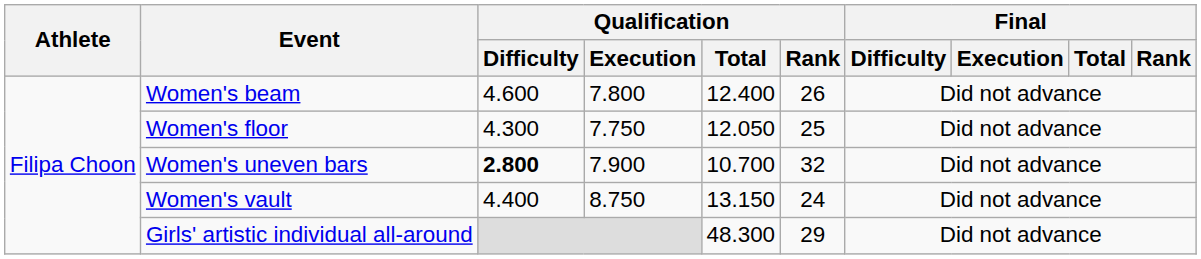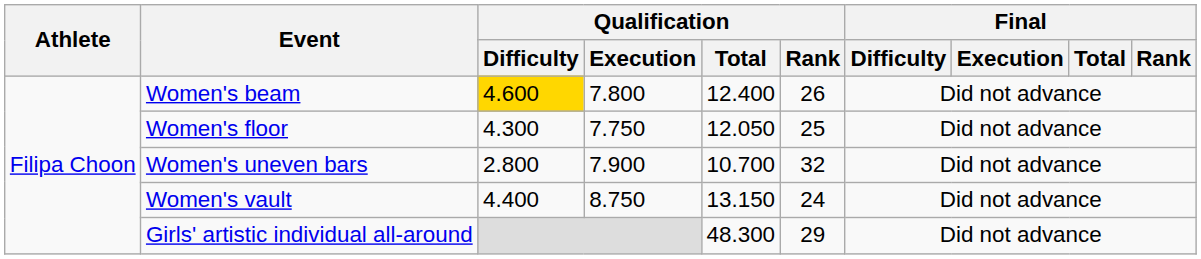 <table class="wikitable">
 <tr>
 <th rowspan=2>Athlete</th>
 <th rowspan=2>Event</th>
 <th colspan=4>Qualification</th>
 <th colspan=4>Final</th>
 </tr>
 <tr>
 <th>Difficulty</th>
 <th>Execution</th>
 <th>Total</th>
 <th>Rank</th>
 <th>Difficulty</th>
 <th>Execution</th>
 <th>Total</th>
 <th>Rank</th>
 </tr>
 <tr>
 <td rowspan=5><a href='#'>Filipa Choon</a></td>
 <td><a href='#'>Women's beam</a></td>
-<td>4.600</td>
+<td style="background: gold;">4.600</td>
 <td>7.800</td>
 <td>12.400</td>
 <td align=center>26</td>
 <td colspan=4 align=center>Did not advance</td>
 </tr>
 <tr>
 <td><a href='#'>Women's floor</a></td>
 <td>4.300</td>
 <td>7.750</td>
 <td>12.050</td>
 <td align=center>25</td>
 <td colspan=4 align=center>Did not advance</td>
 </tr>
 <tr>
 <td><a href='#'>Women's uneven bars</a></td>
-<td><strong>2.800</strong></td>
+<td>2.800</td>
 <td>7.900</td>
 <td>10.700</td>
 <td align=center>32</td>
 <td colspan=4 align=center>Did not advance</td>
 </tr>
 <tr>
 <td><a href='#'>Women's vault</a></td>
 <td>4.400</td>
 <td>8.750</td>
 <td>13.150</td>
 <td align=center>24</td>
 <td colspan=4 align=center>Did not advance</td>
 </tr>
 <tr>
 <td><a href='#'>Girls' artistic individual all-around</a></td>
 <td colspan=2 bgcolor=#ddd></td>
 <td>48.300</td>
 <td align=center>29</td>
 <td colspan=4 align=center>Did not advance</td>
 </tr>
 </table>
